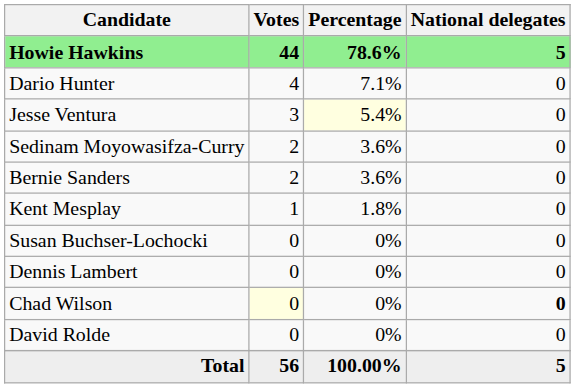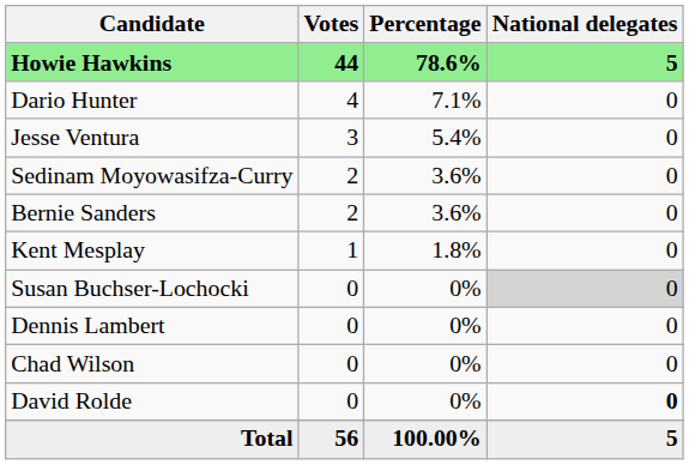 <table class="wikitable" style="text-align:right;">
 <tr>
 <th>Candidate</th>
 <th>Votes</th>
 <th>Percentage</th>
 <th>National delegates</th>
 </tr>
 <tr style="background:lightgreen;">
 <td style="text-align:left;"><strong>Howie Hawkins</strong></td>
 <td><strong>44</strong></td>
 <td><strong>78.6%</strong></td>
 <td><strong>5</strong></td>
 </tr>
 <tr>
 <td style="text-align:left;">Dario Hunter</td>
 <td>4</td>
 <td>7.1%</td>
 <td>0</td>
 </tr>
 <tr>
 <td style="text-align:left;">Jesse Ventura</td>
 <td>3</td>
-<td style="background: lightyellow;">5.4%</td>
+<td>5.4%</td>
 <td>0</td>
 </tr>
 <tr>
 <td style="text-align:left;">Sedinam Moyowasifza-Curry</td>
 <td>2</td>
 <td>3.6%</td>
 <td>0</td>
 </tr>
 <tr>
 <td style="text-align:left;">Bernie Sanders</td>
 <td>2</td>
 <td>3.6%</td>
 <td>0</td>
 </tr>
 <tr>
 <td style="text-align:left;">Kent Mesplay</td>
 <td>1</td>
 <td>1.8%</td>
 <td>0</td>
 </tr>
 <tr>
 <td style="text-align:left;">Susan Buchser-Lochocki</td>
 <td>0</td>
 <td>0%</td>
-<td>0</td>
+<td style="background: lightgrey;">0</td>
 </tr>
 <tr>
 <td style="text-align:left;">Dennis Lambert</td>
 <td>0</td>
 <td>0%</td>
 <td>0</td>
 </tr>
 <tr>
 <td style="text-align:left;">Chad Wilson</td>
-<td style="background: lightyellow;">0</td>
+<td>0</td>
 <td>0%</td>
-<td><strong>0</strong></td>
+<td>0</td>
 </tr>
 <tr>
 <td style="text-align:left;">David Rolde</td>
 <td>0</td>
 <td>0%</td>
-<td>0</td>
+<td><strong>0</strong></td>
 </tr>
 <tr>
 </tr>
 <tr style="background:#eee;">
 <td style="margin-right:0.50px"><strong>Total</strong></td>
 <td style="margin-right:0.50px"><strong>56</strong></td>
 <td style="margin-right:0.50px"><strong>100.00%</strong></td>
 <td style="margin-right:0.50px"><strong>5</strong></td>
 </tr>
 </table>
